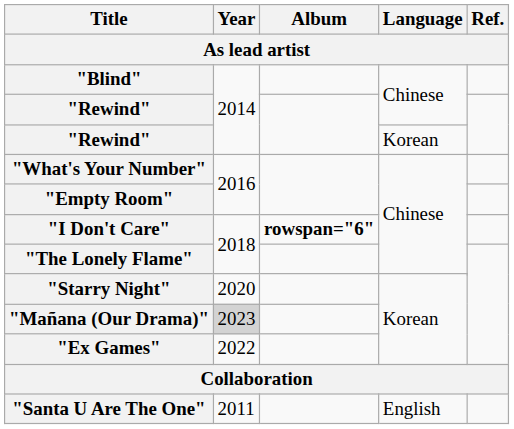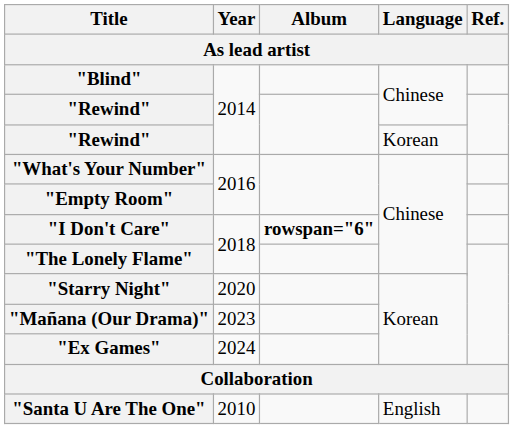 <table class="wikitable plainrowheaders sortable">
 <tr>
 <th>Title</th>
 <th>Year</th>
 <th>Album</th>
 <th>Language</th>
 <th>Ref.</th>
 </tr>
 <tr>
 <th colspan="5">As lead artist</th>
 </tr>
 <tr>
 <th scope=row>"Blind"</th>
 <td rowspan="3">2014</td>
 <td></td>
 <td rowspan="2">Chinese</td>
 <td rowspan="1"></td>
 </tr>
 <tr>
 <th scope=row>"Rewind" </th>
 <td rowspan="2"></td>
 <td rowspan="2"></td>
 </tr>
 <tr>
 <th scope=row>"Rewind"  </th>
 <td rowspan="2">Korean</td>
 </tr>
 <tr>
 <th scope="row" rowspan="2">"What's Your Number"</th>
 <td rowspan="3">2016</td>
 <td rowspan="3"></td>
 <td rowspan="2"></td>
 </tr>
 <tr>
 <td rowspan="5">Chinese</td>
 </tr>
 <tr>
 <th scope=row>"Empty Room"</th>
 <td rowspan="1"></td>
 </tr>
 <tr>
 <th scope=row>"I Don't Care"</th>
 <td rowspan="2">2018</td>
 <td><strong>rowspan="6" </strong></td>
 <td rowspan="1"></td>
 </tr>
 <tr>
 <th scope=row>"The Lonely Flame"</th>
 <td rowspan="1"></td>
 </tr>
 <tr>
 <th scope="row" rowspan="2">"Starry Night" </th>
 <td rowspan="2">2020</td>
 <td rowspan="2"></td>
 </tr>
 <tr>
 <td rowspan="3">Korean</td>
 </tr>
 <tr>
 <th scope="row" rowspan="1">"Mañana (Our Drama)" </th>
-<td rowspan="1" style="background: lightgrey;">2023</td>
+<td rowspan="1">2023</td>
 <td rowspan="1"></td>
 </tr>
 <tr>
 <th scope="row" rowspan="1">"Ex Games"</th>
-<td rowspan="1">2022</td>
+<td rowspan="1">2024</td>
 <td rowspan="1"></td>
 </tr>
 <tr>
 <th colspan="5">Collaboration</th>
 </tr>
 <tr>
 <th scope=row>"Santa U Are The One" </th>
-<td>2011</td>
+<td>2010</td>
 <td></td>
 <td>English</td>
 <td rowspan="1"></td>
 </tr>
 </table>
